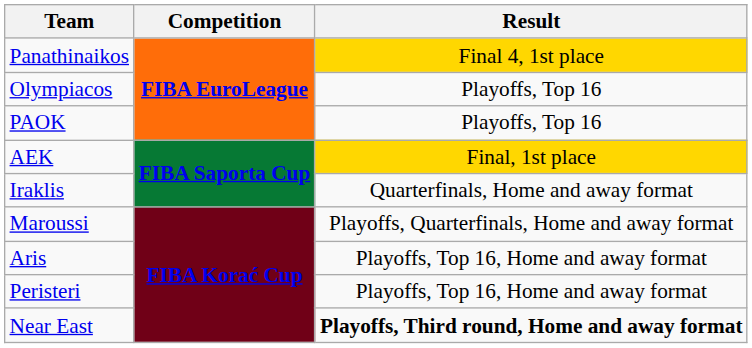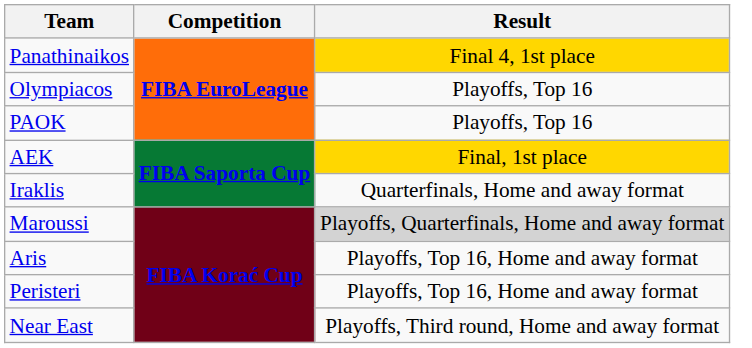 <table class="wikitable sortable">
 <tr>
 <th>Team</th>
 <th>Competition</th>
 <th>Result</th>
 </tr>
 <tr>
 <td><a href='#'>Panathinaikos</a></td>
 <td rowspan="3" style="background:#ff6d09;color:#ffffff;text-align:center"><strong><a href='#'><span>FIBA EuroLeague</span></a></strong></td>
 <td style="background:#FFD700;text-align:center">Final 4, 1st place</td>
 </tr>
 <tr>
 <td><a href='#'>Olympiacos</a></td>
 <td style="text-align:center">Playoffs, Top 16</td>
 </tr>
 <tr>
 <td><a href='#'>PAOK</a></td>
 <td style="text-align:center">Playoffs, Top 16</td>
 </tr>
 <tr>
 <td><a href='#'>AEK</a></td>
 <td rowspan="2" style="background:#067934;color:white;text-align:center"><strong><a href='#'><span>FIBA Saporta Cup</span></a></strong></td>
 <td style="background:#FFD700;text-align:center">Final, 1st place</td>
 </tr>
 <tr>
 <td><a href='#'>Iraklis</a></td>
 <td style="text-align:center">Quarterfinals, Home and away format</td>
 </tr>
 <tr>
 <td><a href='#'>Maroussi</a></td>
 <td rowspan="4" style="background:#700017;color:white;text-align:center"><strong><a href='#'><span>FIBA Korać Cup</span></a></strong></td>
-<td style="text-align:center">Playoffs, Quarterfinals, Home and away format</td>
+<td style="background: lightgrey; text-align:center">Playoffs, Quarterfinals, Home and away format</td>
 </tr>
 <tr>
 <td><a href='#'>Aris</a></td>
 <td style="text-align:center">Playoffs, Top 16, Home and away format</td>
 </tr>
 <tr>
 <td><a href='#'>Peristeri</a></td>
 <td style="text-align:center">Playoffs, Top 16, Home and away format</td>
 </tr>
 <tr>
 <td><a href='#'>Near East</a></td>
-<td style="text-align:center"><strong>Playoffs, Third round, Home and away format</strong></td>
+<td style="text-align:center">Playoffs, Third round, Home and away format</td>
 </tr>
 </table>
